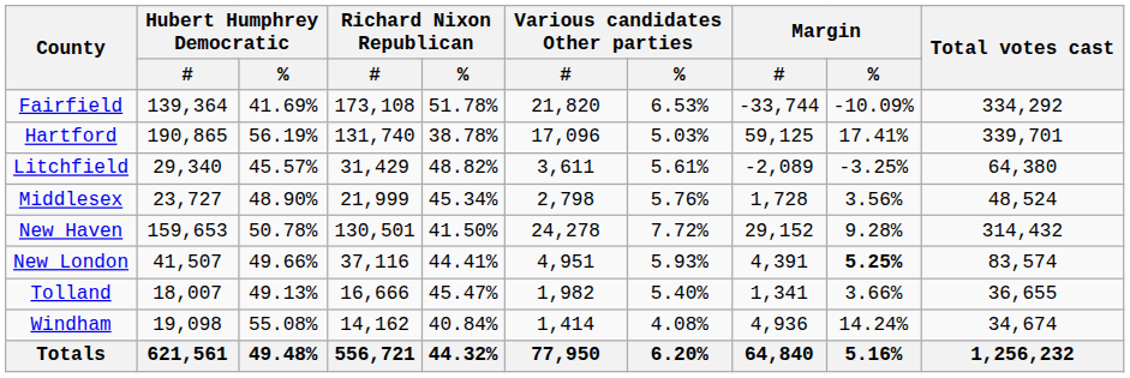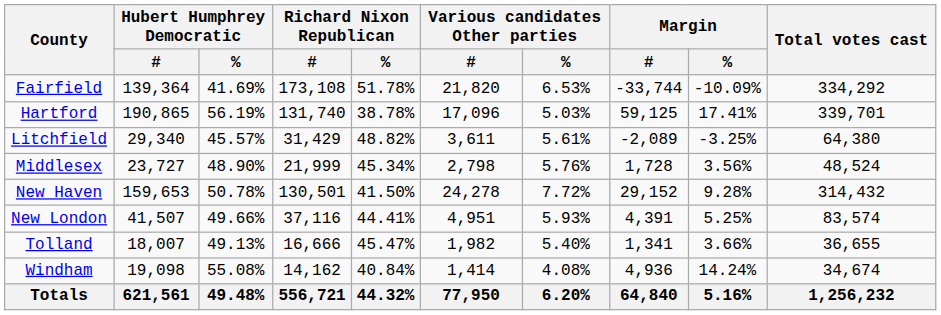 <table width="60%"  class="wikitable sortable" style="text-align:center">
 <tr>
 <th style="text-align:center;" rowspan="2">County</th>
 <th style="text-align:center;" colspan="2">Hubert Humphrey<br>Democratic</th>
 <th style="text-align:center;" colspan="2">Richard Nixon<br>Republican</th>
 <th style="text-align:center;" colspan="2">Various candidates<br>Other parties</th>
 <th style="text-align:center;" colspan="2">Margin</th>
 <th style="text-align:center;" rowspan="2">Total votes cast</th>
 </tr>
 <tr>
 <th style="text-align:center;" data-sort-type="number">#</th>
 <th style="text-align:center;" data-sort-type="number">%</th>
 <th style="text-align:center;" data-sort-type="number">#</th>
 <th style="text-align:center;" data-sort-type="number">%</th>
 <th style="text-align:center;" data-sort-type="number">#</th>
 <th style="text-align:center;" data-sort-type="number">%</th>
 <th style="text-align:center;" data-sort-type="number">#</th>
 <th style="text-align:center;" data-sort-type="number">%</th>
 </tr>
 <tr style="text-align:center;">
 <td><a href='#'>Fairfield</a></td>
 <td>139,364</td>
 <td>41.69%</td>
 <td>173,108</td>
 <td>51.78%</td>
 <td>21,820</td>
 <td>6.53%</td>
 <td>-33,744</td>
 <td>-10.09%</td>
 <td>334,292</td>
 </tr>
 <tr style="text-align:center;">
 <td><a href='#'>Hartford</a></td>
 <td>190,865</td>
 <td>56.19%</td>
 <td>131,740</td>
 <td>38.78%</td>
 <td>17,096</td>
 <td>5.03%</td>
 <td>59,125</td>
 <td>17.41%</td>
 <td>339,701</td>
 </tr>
 <tr style="text-align:center;">
 <td><a href='#'>Litchfield</a></td>
 <td>29,340</td>
 <td>45.57%</td>
 <td>31,429</td>
 <td>48.82%</td>
 <td>3,611</td>
 <td>5.61%</td>
 <td>-2,089</td>
 <td>-3.25%</td>
 <td>64,380</td>
 </tr>
 <tr style="text-align:center;">
 <td><a href='#'>Middlesex</a></td>
 <td>23,727</td>
 <td>48.90%</td>
 <td>21,999</td>
 <td>45.34%</td>
 <td>2,798</td>
 <td>5.76%</td>
 <td>1,728</td>
 <td>3.56%</td>
 <td>48,524</td>
 </tr>
 <tr style="text-align:center;">
 <td><a href='#'>New Haven</a></td>
 <td>159,653</td>
 <td>50.78%</td>
 <td>130,501</td>
 <td>41.50%</td>
 <td>24,278</td>
 <td>7.72%</td>
 <td>29,152</td>
 <td>9.28%</td>
 <td>314,432</td>
 </tr>
 <tr style="text-align:center;">
 <td><a href='#'>New London</a></td>
 <td>41,507</td>
 <td>49.66%</td>
 <td>37,116</td>
 <td>44.41%</td>
 <td>4,951</td>
 <td>5.93%</td>
 <td>4,391</td>
-<td><strong>5.25%</strong></td>
+<td>5.25%</td>
 <td>83,574</td>
 </tr>
 <tr style="text-align:center;">
 <td><a href='#'>Tolland</a></td>
 <td>18,007</td>
 <td>49.13%</td>
 <td>16,666</td>
 <td>45.47%</td>
 <td>1,982</td>
 <td>5.40%</td>
 <td>1,341</td>
 <td>3.66%</td>
 <td>36,655</td>
 </tr>
 <tr style="text-align:center;">
 <td><a href='#'>Windham</a></td>
 <td>19,098</td>
 <td>55.08%</td>
 <td>14,162</td>
 <td>40.84%</td>
 <td>1,414</td>
 <td>4.08%</td>
 <td>4,936</td>
 <td>14.24%</td>
 <td>34,674</td>
 </tr>
 <tr>
 <th>Totals</th>
 <th>621,561</th>
 <th>49.48%</th>
 <th>556,721</th>
 <th>44.32%</th>
 <th>77,950</th>
 <th>6.20%</th>
 <th>64,840</th>
 <th>5.16%</th>
 <th>1,256,232</th>
 </tr>
 </table>
